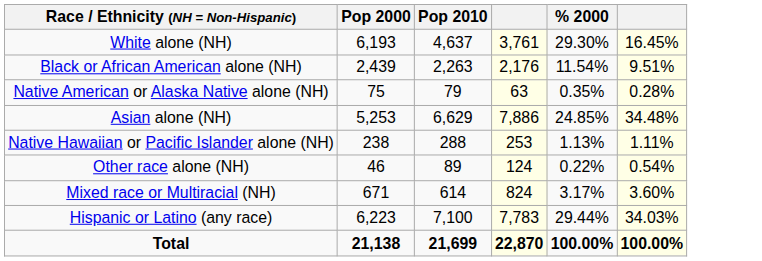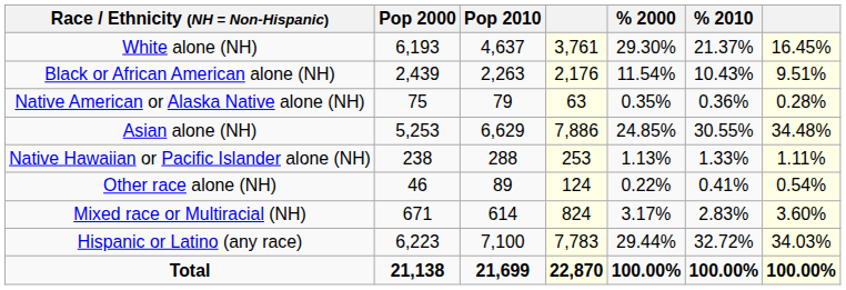 <table class="wikitable" style="text-align:center;">
 <tr>
 <th>Race / Ethnicity <small>(<em>NH = Non-Hispanic</em>)</small></th>
 <th>Pop 2000</th>
 <th>Pop 2010</th>
 <th></th>
 <th>% 2000</th>
+<th>% 2010</th>
 <th></th>
 </tr>
 <tr>
 <td><a href='#'>White</a> alone (NH)</td>
 <td>6,193</td>
 <td>4,637</td>
 <td style='background: #ffffe6;'>3,761</td>
 <td>29.30%</td>
+<td>21.37%</td>
 <td style='background: #ffffe6;'>16.45%</td>
 </tr>
 <tr>
 <td><a href='#'>Black or African American</a> alone (NH)</td>
 <td>2,439</td>
 <td>2,263</td>
 <td style='background: #ffffe6;'>2,176</td>
 <td>11.54%</td>
+<td>10.43%</td>
 <td style='background: #ffffe6;'>9.51%</td>
 </tr>
 <tr>
 <td><a href='#'>Native American</a> or <a href='#'>Alaska Native</a> alone (NH)</td>
 <td>75</td>
 <td>79</td>
 <td style='background: #ffffe6;'>63</td>
 <td>0.35%</td>
+<td>0.36%</td>
 <td style='background: #ffffe6;'>0.28%</td>
 </tr>
 <tr>
 <td><a href='#'>Asian</a> alone (NH)</td>
 <td>5,253</td>
 <td>6,629</td>
 <td style='background: #ffffe6;'>7,886</td>
 <td>24.85%</td>
+<td>30.55%</td>
 <td style='background: #ffffe6;'>34.48%</td>
 </tr>
 <tr>
 <td><a href='#'>Native Hawaiian</a> or <a href='#'>Pacific Islander</a> alone (NH)</td>
 <td>238</td>
 <td>288</td>
 <td style='background: #ffffe6;'>253</td>
 <td>1.13%</td>
+<td>1.33%</td>
 <td style='background: #ffffe6;'>1.11%</td>
 </tr>
 <tr>
 <td><a href='#'>Other race</a> alone (NH)</td>
 <td>46</td>
 <td>89</td>
 <td style='background: #ffffe6;'>124</td>
 <td>0.22%</td>
+<td>0.41%</td>
 <td style='background: #ffffe6;'>0.54%</td>
 </tr>
 <tr>
 <td><a href='#'>Mixed race or Multiracial</a> (NH)</td>
 <td>671</td>
 <td>614</td>
 <td style='background: #ffffe6;'>824</td>
 <td>3.17%</td>
+<td>2.83%</td>
 <td style='background: #ffffe6;'>3.60%</td>
 </tr>
 <tr>
 <td><a href='#'>Hispanic or Latino</a> (any race)</td>
 <td>6,223</td>
 <td>7,100</td>
 <td style='background: #ffffe6;'>7,783</td>
 <td>29.44%</td>
+<td>32.72%</td>
 <td style='background: #ffffe6;'>34.03%</td>
 </tr>
 <tr>
 <td><strong>Total</strong></td>
 <td><strong>21,138</strong></td>
 <td><strong>21,699</strong></td>
 <td style='background: #ffffe6;'><strong>22,870</strong></td>
 <td><strong>100.00%</strong></td>
+<td><strong>100.00%</strong></td>
 <td style='background: #ffffe6;'><strong>100.00%</strong></td>
 </tr>
 </table>
